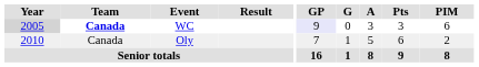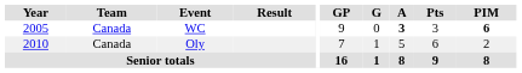 <table border="0" cellpadding="1" cellspacing="0" ID="Table3" style="text-align:center; width:40em">
 <tr ALIGN="center" bgcolor="#e0e0e0">
 <th>Year</th>
 <th>Team</th>
 <th>Event</th>
 <th>Result</th>
 <th rowspan="99" bgcolor="#ffffff"></th>
 <th>GP</th>
 <th>G</th>
 <th>A</th>
 <th>Pts</th>
 <th>PIM</th>
 </tr>
 <tr>
-<td style="background: lightgrey;"><a href='#'>2005</a></td>
-<td><strong><a href='#'>Canada</a></strong></td>
+<td><a href='#'>2005</a></td>
+<td><a href='#'>Canada</a></td>
 <td><a href='#'>WC</a></td>
 <td></td>
-<td style="background: lavender;">9</td>
+<td>9</td>
 <td>0</td>
+<td><strong>3</strong></td>
 <td>3</td>
-<td>3</td>
-<td>6</td>
+<td><strong>6</strong></td>
 </tr>
 <tr bgcolor="#f0f0f0">
 <td><a href='#'>2010</a></td>
 <td>Canada</td>
 <td><a href='#'>Oly</a></td>
 <td></td>
 <td>7</td>
 <td>1</td>
 <td>5</td>
 <td>6</td>
 <td>2</td>
 </tr>
 <tr bgcolor="#e0e0e0">
 <th colspan="4">Senior totals</th>
 <th>16</th>
 <th>1</th>
 <th>8</th>
 <th>9</th>
 <th>8</th>
 </tr>
 </table>
